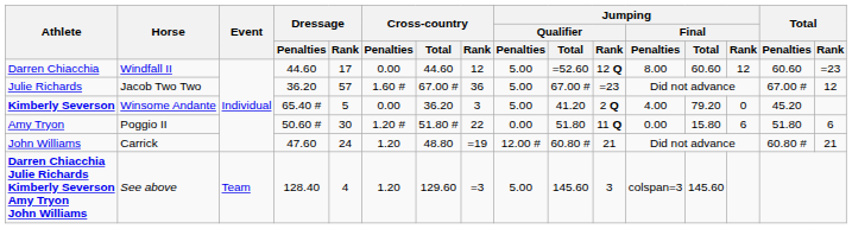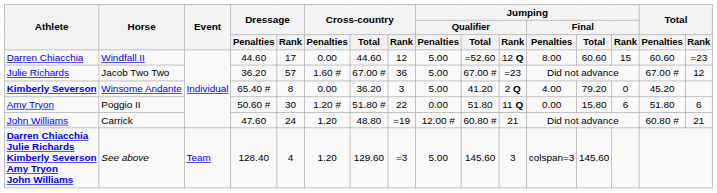 <table class=wikitable style=font-size:90%;text-align:center>
 <tr>
 <th rowspan=3>Athlete</th>
 <th rowspan=3>Horse</th>
 <th rowspan=3>Event</th>
 <th colspan=2 rowspan=2>Dressage</th>
 <th colspan=3 rowspan=2>Cross-country</th>
 <th colspan="6">Jumping</th>
 <th colspan=2 rowspan=2>Total</th>
 </tr>
 <tr style=font-size:95%>
 <th colspan=3>Qualifier</th>
 <th colspan=3>Final</th>
 </tr>
 <tr style=font-size:95%>
 <th>Penalties</th>
 <th>Rank</th>
 <th>Penalties</th>
 <th>Total</th>
 <th>Rank</th>
 <th>Penalties</th>
 <th>Total</th>
 <th>Rank</th>
 <th>Penalties</th>
 <th>Total</th>
 <th>Rank</th>
 <th>Penalties</th>
 <th>Rank</th>
 </tr>
 <tr>
 <td align=left><a href='#'>Darren Chiacchia</a></td>
 <td align=left><a href='#'>Windfall II</a></td>
 <td align=left rowspan=5><a href='#'>Individual</a></td>
 <td>44.60</td>
 <td>17</td>
 <td>0.00</td>
 <td>44.60</td>
 <td>12</td>
 <td>5.00</td>
 <td>=52.60</td>
 <td>12 <strong>Q</strong></td>
 <td>8.00</td>
 <td>60.60</td>
-<td>12</td>
+<td>15</td>
 <td>60.60</td>
 <td>=23</td>
 </tr>
 <tr>
 <td align=left><a href='#'>Julie Richards</a></td>
 <td align=left>Jacob Two Two</td>
 <td>36.20</td>
 <td>57</td>
 <td>1.60 #</td>
 <td>67.00 #</td>
 <td>36</td>
 <td>5.00</td>
 <td>67.00 #</td>
 <td>=23</td>
 <td colspan=3>Did not advance</td>
 <td>67.00 #</td>
 <td>12</td>
 </tr>
 <tr>
 <td align=left><strong><a href='#'>Kimberly Severson</a></strong></td>
 <td align=left><a href='#'>Winsome Andante</a></td>
 <td>65.40 #</td>
-<td>5</td>
+<td>8</td>
 <td>0.00</td>
 <td>36.20</td>
 <td>3</td>
 <td>5.00</td>
 <td>41.20</td>
 <td>2 <strong>Q</strong></td>
 <td>4.00</td>
 <td>79.20</td>
 <td>0</td>
 <td>45.20</td>
 <td></td>
 </tr>
 <tr>
 <td align=left><a href='#'>Amy Tryon</a></td>
 <td align=left>Poggio II</td>
 <td>50.60 #</td>
 <td>30</td>
 <td>1.20 #</td>
 <td>51.80 #</td>
 <td>22</td>
 <td>0.00</td>
 <td>51.80</td>
 <td>11 <strong>Q</strong></td>
 <td>0.00</td>
 <td>15.80</td>
 <td>6</td>
 <td>51.80</td>
 <td>6</td>
 </tr>
 <tr>
 <td align=left><a href='#'>John Williams</a></td>
 <td align=left>Carrick</td>
 <td>47.60</td>
 <td>24</td>
 <td>1.20</td>
 <td>48.80</td>
 <td>=19</td>
 <td>12.00 #</td>
 <td>60.80 #</td>
 <td>21</td>
 <td colspan=3>Did not advance</td>
 <td>60.80 #</td>
 <td>21</td>
 </tr>
 <tr>
 <td align=left><strong><a href='#'>Darren Chiacchia</a><br><a href='#'>Julie Richards</a><br><a href='#'>Kimberly Severson</a><br><a href='#'>Amy Tryon</a><br><a href='#'>John Williams</a></strong></td>
 <td align=left><em>See above</em></td>
 <td align=left><a href='#'>Team</a></td>
 <td>128.40</td>
 <td>4</td>
 <td>1.20</td>
 <td>129.60</td>
 <td>=3</td>
 <td>5.00</td>
 <td>145.60</td>
 <td>3</td>
 <td>colspan=3 </td>
 <td>145.60</td>
 <td></td>
 </tr>
 </table>
